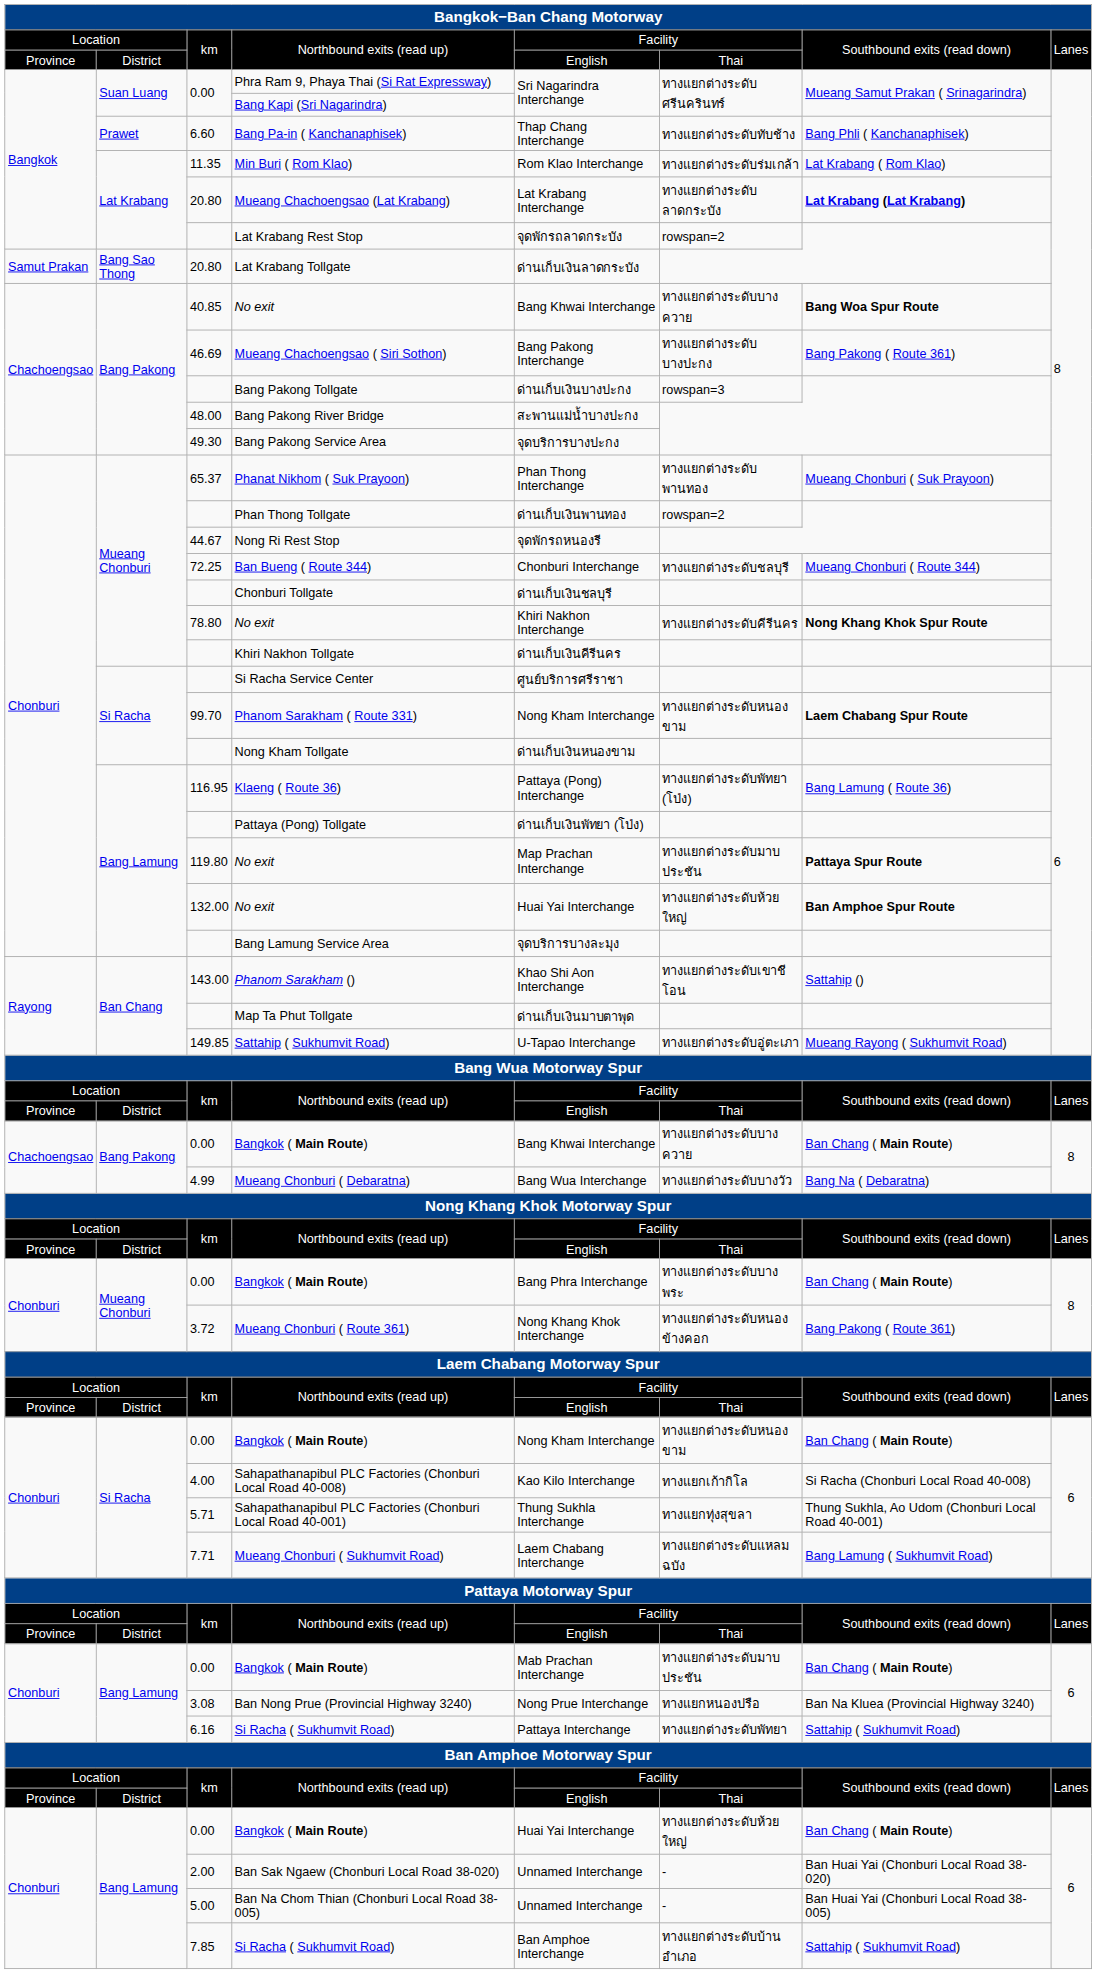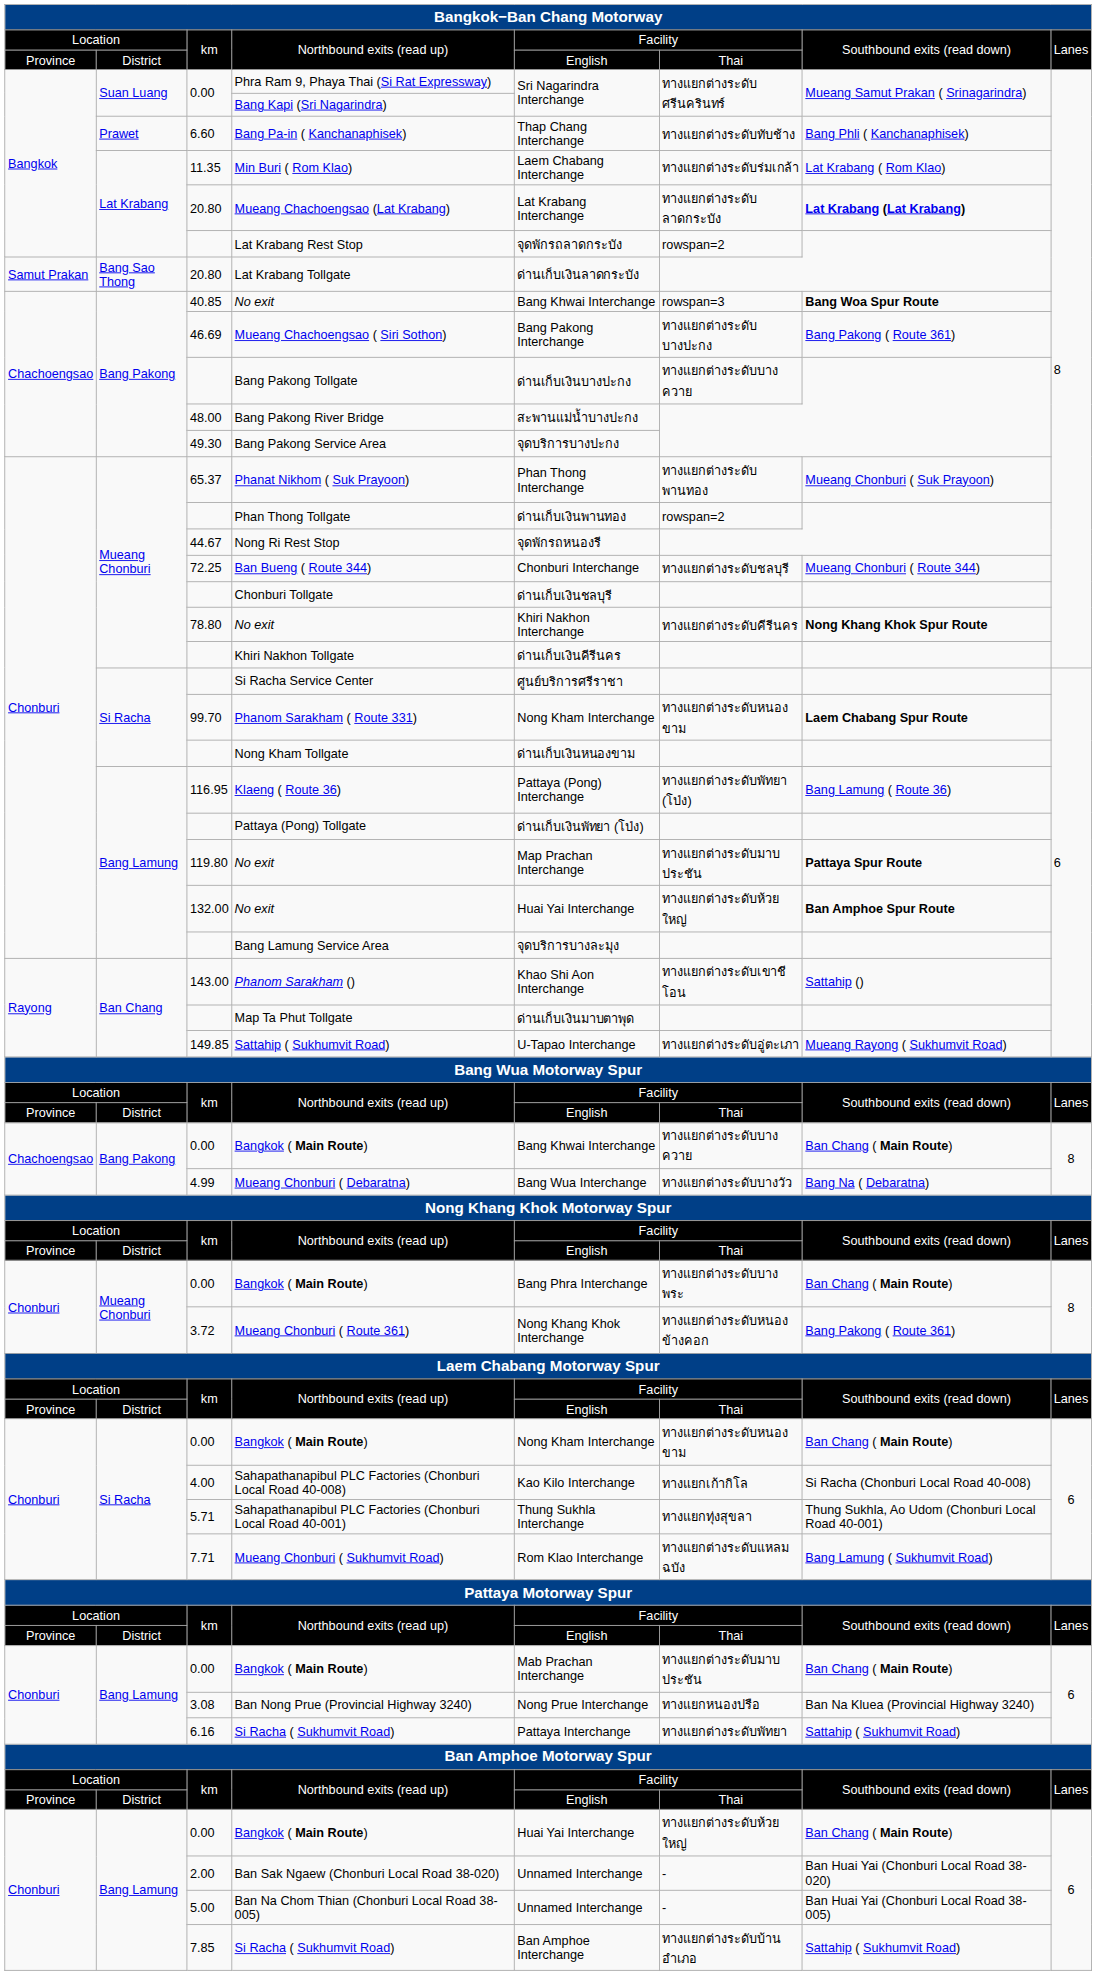 <table style="margin-left:1em; margin-bottom:1em; color:black; font-size:90%;" class="wikitable">
 <tr style="background:#003f87; text-align:center; color:white; font-size:120%;">
 <td colspan="8"><strong> Bangkok−Ban Chang Motorway</strong></td>
 </tr>
 <tr align="center" bgcolor="000000" style="color: white">
 <td colspan=2>Location</td>
 <td rowspan="2">km</td>
 <td rowspan="2">Northbound exits (read up)</td>
 <td colspan=2>Facility</td>
 <td rowspan=2>Southbound exits (read down)</td>
 <td rowspan=2>Lanes</td>
 </tr>
 <tr align="center" bgcolor="000000" style="color: white">
 <td>Province</td>
 <td>District</td>
 <td>English</td>
 <td>Thai</td>
 </tr>
 <tr>
 <td rowspan="6"><a href='#'>Bangkok</a></td>
 <td rowspan="2"><a href='#'>Suan Luang</a></td>
 <td rowspan="2">0.00</td>
 <td>Phra Ram 9, Phaya Thai (<a href='#'>Si Rat Expressway</a>)</td>
 <td rowspan="2">Sri Nagarindra Interchange</td>
 <td rowspan="2">ทางแยกต่างระดับศรีนครินทร์</td>
 <td rowspan="2"><a href='#'>Mueang Samut Prakan</a> ( <a href='#'>Srinagarindra</a>)</td>
 <td rowspan="19">8</td>
 </tr>
 <tr>
 <td><a href='#'>Bang Kapi</a> (<a href='#'>Sri Nagarindra</a>)</td>
 </tr>
 <tr>
 <td><a href='#'>Prawet</a></td>
 <td>6.60</td>
 <td><a href='#'>Bang Pa-in</a> ( <a href='#'>Kanchanaphisek</a>)</td>
 <td>Thap Chang Interchange</td>
 <td>ทางแยกต่างระดับทับช้าง</td>
 <td><a href='#'>Bang Phli</a> ( <a href='#'>Kanchanaphisek</a>)</td>
 </tr>
 <tr>
 <td rowspan=3><a href='#'>Lat Krabang</a></td>
 <td>11.35</td>
 <td><a href='#'>Min Buri</a> ( <a href='#'>Rom Klao</a>)</td>
-<td>Rom Klao Interchange</td>
+<td>Laem Chabang Interchange</td>
 <td>ทางแยกต่างระดับร่มเกล้า</td>
 <td><a href='#'>Lat Krabang</a> ( <a href='#'>Rom Klao</a>)</td>
 </tr>
 <tr>
 <td>20.80</td>
 <td><a href='#'>Mueang Chachoengsao</a> (<a href='#'>Lat Krabang</a>)</td>
 <td>Lat Krabang Interchange</td>
 <td>ทางแยกต่างระดับลาดกระบัง</td>
 <td><strong><a href='#'>Lat Krabang</a> (<a href='#'>Lat Krabang</a>)</strong></td>
 </tr>
 <tr>
 <td 21.70></td>
 <td>Lat Krabang Rest Stop</td>
 <td>จุดพักรถลาดกระบัง</td>
 <td>rowspan=2 </td>
 </tr>
 <tr>
 <td><a href='#'>Samut Prakan</a></td>
 <td><a href='#'>Bang Sao Thong</a></td>
 <td>20.80</td>
 <td>Lat Krabang Tollgate</td>
 <td>ด่านเก็บเงินลาดกระบัง</td>
 </tr>
 <tr>
 <td rowspan=5><a href='#'>Chachoengsao</a></td>
 <td rowspan=5><a href='#'>Bang Pakong</a></td>
 <td>40.85</td>
 <td><em>No exit</em></td>
 <td>Bang Khwai Interchange</td>
-<td>ทางแยกต่างระดับบางควาย</td>
+<td>rowspan=3 </td>
 <td> <strong>Bang Woa Spur Route</strong></td>
 </tr>
 <tr>
 <td>46.69</td>
 <td><a href='#'>Mueang Chachoengsao</a> ( <a href='#'>Siri Sothon</a>)</td>
 <td>Bang Pakong Interchange</td>
 <td>ทางแยกต่างระดับบางปะกง</td>
 <td><a href='#'>Bang Pakong</a> ( <a href='#'>Route 361</a>)</td>
 </tr>
 <tr>
 <td 46.69></td>
 <td>Bang Pakong Tollgate</td>
 <td>ด่านเก็บเงินบางปะกง</td>
-<td>rowspan=3 </td>
+<td>ทางแยกต่างระดับบางควาย</td>
 </tr>
 <tr>
 <td>48.00</td>
 <td>Bang Pakong River Bridge</td>
 <td>สะพานแม่น้ำบางปะกง</td>
 </tr>
 <tr>
 <td>49.30</td>
 <td>Bang Pakong Service Area</td>
 <td>จุดบริการบางปะกง</td>
 </tr>
 <tr>
 <td rowspan=15><a href='#'>Chonburi</a></td>
 <td rowspan=7><a href='#'>Mueang Chonburi</a></td>
 <td>65.37</td>
 <td><a href='#'>Phanat Nikhom</a> ( <a href='#'>Suk Prayoon</a>)</td>
 <td>Phan Thong Interchange</td>
 <td>ทางแยกต่างระดับพานทอง</td>
 <td><a href='#'>Mueang Chonburi</a> ( <a href='#'>Suk Prayoon</a>)</td>
 </tr>
 <tr>
 <td 65.37></td>
 <td>Phan Thong Tollgate</td>
 <td>ด่านเก็บเงินพานทอง</td>
 <td>rowspan=2 </td>
 </tr>
 <tr>
 <td>44.67</td>
 <td>Nong Ri Rest Stop</td>
 <td>จุดพักรถหนองรี</td>
 </tr>
 <tr>
 <td>72.25</td>
 <td><a href='#'>Ban Bueng</a> ( <a href='#'>Route 344</a>)</td>
 <td>Chonburi Interchange</td>
 <td>ทางแยกต่างระดับชลบุรี</td>
 <td><a href='#'>Mueang Chonburi</a> ( <a href='#'>Route 344</a>)</td>
 </tr>
 <tr>
 <td 72.55></td>
 <td>Chonburi Tollgate</td>
 <td>ด่านเก็บเงินชลบุรี</td>
 <td></td>
 </tr>
 <tr>
 <td>78.80</td>
 <td><em>No exit</em></td>
 <td>Khiri Nakhon Interchange</td>
 <td>ทางแยกต่างระดับคีรีนคร</td>
 <td> <strong>Nong Khang Khok Spur Route</strong></td>
 </tr>
 <tr>
 <td 78.80></td>
 <td>Khiri Nakhon Tollgate</td>
 <td>ด่านเก็บเงินคีรีนคร</td>
 <td></td>
 </tr>
 <tr>
 <td rowspan=3><a href='#'>Si Racha</a></td>
 <td 95.75></td>
 <td>Si Racha Service Center</td>
 <td>ศูนย์บริการศรีราชา</td>
 <td></td>
 <td style="text-align:center;"></td>
 <td rowspan="11">6</td>
 </tr>
 <tr>
 <td>99.70</td>
 <td><a href='#'>Phanom Sarakham</a> ( <a href='#'>Route 331</a>)</td>
 <td>Nong Kham Interchange</td>
 <td>ทางแยกต่างระดับหนองขาม</td>
 <td> <strong>Laem Chabang Spur Route</strong></td>
 </tr>
 <tr>
 <td 99.70></td>
 <td>Nong Kham Tollgate</td>
 <td>ด่านเก็บเงินหนองขาม</td>
 <td></td>
 <td></td>
 </tr>
 <tr>
 <td rowspan=5><a href='#'>Bang Lamung</a></td>
 <td>116.95</td>
 <td><a href='#'>Klaeng</a> ( <a href='#'>Route 36</a>)</td>
 <td>Pattaya (Pong) Interchange</td>
 <td>ทางแยกต่างระดับพัทยา (โป่ง)</td>
 <td><a href='#'>Bang Lamung</a> ( <a href='#'>Route 36</a>)</td>
 </tr>
 <tr>
 <td 116.95></td>
 <td>Pattaya (Pong) Tollgate</td>
 <td>ด่านเก็บเงินพัทยา (โป่ง)</td>
 <td></td>
 <td></td>
 </tr>
 <tr>
 <td>119.80</td>
 <td><em>No exit</em></td>
 <td>Map Prachan Interchange</td>
 <td>ทางแยกต่างระดับมาบประชัน</td>
 <td> <strong>Pattaya Spur Route</strong></td>
 </tr>
 <tr>
 <td>132.00</td>
 <td><em>No exit</em></td>
 <td>Huai Yai Interchange</td>
 <td>ทางแยกต่างระดับห้วยใหญ่</td>
 <td> <strong>Ban Amphoe Spur Route</strong></td>
 </tr>
 <tr>
 <td 137.80></td>
 <td>Bang Lamung Service Area</td>
 <td>จุดบริการบางละมุง</td>
 <td></td>
 <td></td>
 </tr>
 <tr>
 <td rowspan=3><a href='#'>Rayong</a></td>
 <td rowspan=3><a href='#'>Ban Chang</a></td>
 <td>143.00</td>
 <td><a href='#'><em>Phanom Sarakham</em></a> ()</td>
 <td>Khao Shi Aon Interchange</td>
 <td>ทางแยกต่างระดับเขาชีโอน</td>
 <td><a href='#'>Sattahip</a> ()</td>
 </tr>
 <tr>
 <td 149.85></td>
 <td>Map Ta Phut Tollgate</td>
 <td>ด่านเก็บเงินมาบตาพุด</td>
 <td></td>
 <td></td>
 </tr>
 <tr>
 <td>149.85</td>
 <td><a href='#'>Sattahip</a> ( <a href='#'>Sukhumvit Road</a>)</td>
 <td>U-Tapao Interchange</td>
 <td>ทางแยกต่างระดับอู่ตะเภา</td>
 <td><a href='#'>Mueang Rayong</a> ( <a href='#'>Sukhumvit Road</a>)</td>
 </tr>
 <tr style="background:#003f87; text-align:center; color:white; font-size:120%;">
 <td colspan="8"><strong> Bang Wua Motorway Spur</strong></td>
 </tr>
 <tr align="center" bgcolor="000000" style="color: white">
 <td colspan=2>Location</td>
 <td rowspan="2">km</td>
 <td rowspan="2">Northbound exits (read up)</td>
 <td colspan=2>Facility</td>
 <td rowspan=2>Southbound exits (read down)</td>
 <td rowspan=2>Lanes</td>
 </tr>
 <tr align="center" bgcolor="000000" style="color: white">
 <td>Province</td>
 <td>District</td>
 <td>English</td>
 <td>Thai</td>
 </tr>
 <tr>
 <td rowspan="2"><a href='#'>Chachoengsao</a></td>
 <td rowspan="2"><a href='#'>Bang Pakong</a></td>
 <td>0.00</td>
 <td><a href='#'>Bangkok</a> ( <strong>Main Route</strong>)</td>
 <td>Bang Khwai Interchange</td>
 <td>ทางแยกต่างระดับบางควาย</td>
 <td><a href='#'>Ban Chang</a> ( <strong>Main Route</strong>)</td>
 <td rowspan="2" style="text-align:center;">8</td>
 </tr>
 <tr>
 <td>4.99</td>
 <td><a href='#'>Mueang Chonburi</a> ( <a href='#'>Debaratna</a>)</td>
 <td>Bang Wua Interchange</td>
 <td>ทางแยกต่างระดับบางวัว</td>
 <td><a href='#'>Bang Na</a> ( <a href='#'>Debaratna</a>)</td>
 </tr>
 <tr style="background:#003f87; text-align:center; color:white; font-size:120%;">
 <td colspan="8"><strong> Nong Khang Khok Motorway Spur</strong></td>
 </tr>
 <tr align="center" bgcolor="000000" style="color: white">
 <td colspan="2">Location</td>
 <td rowspan="2">km</td>
 <td rowspan="2">Northbound exits (read up)</td>
 <td colspan="2">Facility</td>
 <td rowspan="2">Southbound exits (read down)</td>
 <td rowspan="2">Lanes</td>
 </tr>
 <tr align="center" bgcolor="000000" style="color: white">
 <td>Province</td>
 <td>District</td>
 <td>English</td>
 <td>Thai</td>
 </tr>
 <tr>
 <td rowspan="2"><a href='#'>Chonburi</a></td>
 <td rowspan="2"><a href='#'>Mueang Chonburi</a></td>
 <td>0.00</td>
 <td><a href='#'>Bangkok</a> ( <strong>Main Route</strong>)</td>
 <td>Bang Phra Interchange</td>
 <td>ทางแยกต่างระดับบางพระ</td>
 <td><a href='#'>Ban Chang</a> ( <strong>Main Route</strong>)</td>
 <td rowspan="2" style="text-align:center;">8</td>
 </tr>
 <tr>
 <td>3.72</td>
 <td><a href='#'>Mueang Chonburi</a> ( <a href='#'>Route 361</a>)</td>
 <td>Nong Khang Khok Interchange</td>
 <td>ทางแยกต่างระดับหนองข้างคอก</td>
 <td><a href='#'>Bang Pakong</a> ( <a href='#'>Route 361</a>)</td>
 </tr>
 <tr style="background:#003f87; text-align:center; color:white; font-size:120%;">
 <td colspan="8"><strong> Laem Chabang Motorway Spur</strong></td>
 </tr>
 <tr align="center" bgcolor="000000" style="color: white">
 <td colspan="2">Location</td>
 <td rowspan="2">km</td>
 <td rowspan="2">Northbound exits (read up)</td>
 <td colspan="2">Facility</td>
 <td rowspan="2">Southbound exits (read down)</td>
 <td rowspan="2">Lanes</td>
 </tr>
 <tr align="center" bgcolor="000000" style="color: white">
 <td>Province</td>
 <td>District</td>
 <td>English</td>
 <td>Thai</td>
 </tr>
 <tr>
 <td rowspan="4"><a href='#'>Chonburi</a></td>
 <td rowspan="4"><a href='#'>Si Racha</a></td>
 <td>0.00</td>
 <td><a href='#'>Bangkok</a> ( <strong>Main Route</strong>)</td>
 <td>Nong Kham Interchange</td>
 <td>ทางแยกต่างระดับหนองขาม</td>
 <td><a href='#'>Ban Chang</a> ( <strong>Main Route</strong>)</td>
 <td rowspan="4" style="text-align:center;">6</td>
 </tr>
 <tr>
 <td>4.00</td>
 <td>Sahapathanapibul PLC Factories (Chonburi Local Road 40-008)</td>
 <td>Kao Kilo Interchange</td>
 <td>ทางแยกเก้ากิโล</td>
 <td>Si Racha (Chonburi Local Road 40-008)</td>
 </tr>
 <tr>
 <td>5.71</td>
 <td>Sahapathanapibul PLC Factories (Chonburi Local Road 40-001)</td>
 <td>Thung Sukhla Interchange</td>
 <td>ทางแยกทุ่งสุขลา</td>
 <td>Thung Sukhla, Ao Udom (Chonburi Local Road 40-001)</td>
 </tr>
 <tr>
 <td>7.71</td>
 <td><a href='#'>Mueang Chonburi</a> ( <a href='#'>Sukhumvit Road</a>)</td>
-<td>Laem Chabang Interchange</td>
+<td>Rom Klao Interchange</td>
 <td>ทางแยกต่างระดับแหลมฉบัง</td>
 <td><a href='#'>Bang Lamung</a> ( <a href='#'>Sukhumvit Road</a>)</td>
 </tr>
 <tr style="background:#003f87; text-align:center; color:white; font-size:120%;">
 <td colspan="8"><strong> Pattaya Motorway Spur</strong></td>
 </tr>
 <tr align="center" bgcolor="000000" style="color: white">
 <td colspan="2">Location</td>
 <td rowspan="2">km</td>
 <td rowspan="2">Northbound exits (read up)</td>
 <td colspan="2">Facility</td>
 <td rowspan="2">Southbound exits (read down)</td>
 <td rowspan="2">Lanes</td>
 </tr>
 <tr align="center" bgcolor="000000" style="color: white">
 <td>Province</td>
 <td>District</td>
 <td>English</td>
 <td>Thai</td>
 </tr>
 <tr>
 <td rowspan=3><a href='#'>Chonburi</a></td>
 <td rowspan=3><a href='#'>Bang Lamung</a></td>
 <td>0.00</td>
 <td><a href='#'>Bangkok</a> ( <strong>Main Route</strong>)</td>
 <td>Mab Prachan Interchange</td>
 <td>ทางแยกต่างระดับมาบประชัน</td>
 <td><a href='#'>Ban Chang</a> ( <strong>Main Route</strong>)</td>
 <td rowspan=3 style="text-align:center;">6</td>
 </tr>
 <tr>
 <td>3.08</td>
 <td>Ban Nong Prue (Provincial Highway 3240)</td>
 <td>Nong Prue Interchange</td>
 <td>ทางแยกหนองปรือ</td>
 <td>Ban Na Kluea (Provincial Highway 3240)</td>
 </tr>
 <tr>
 <td>6.16</td>
 <td><a href='#'>Si Racha</a> ( <a href='#'>Sukhumvit Road</a>)</td>
 <td>Pattaya Interchange</td>
 <td>ทางแยกต่างระดับพัทยา</td>
 <td><a href='#'>Sattahip</a> ( <a href='#'>Sukhumvit Road</a>)</td>
 </tr>
 <tr style="background:#003f87; text-align:center; color:white; font-size:120%;">
 <td colspan="8"><strong> Ban Amphoe Motorway Spur</strong></td>
 </tr>
 <tr align="center" bgcolor="000000" style="color: white">
 <td colspan=2>Location</td>
 <td rowspan="2">km</td>
 <td rowspan="2">Northbound exits (read up)</td>
 <td colspan=2>Facility</td>
 <td rowspan=2>Southbound exits (read down)</td>
 <td rowspan=2>Lanes</td>
 </tr>
 <tr align="center" bgcolor="000000" style="color: white">
 <td>Province</td>
 <td>District</td>
 <td>English</td>
 <td>Thai</td>
 </tr>
 <tr>
 <td rowspan="4"><a href='#'>Chonburi</a></td>
 <td rowspan="4"><a href='#'>Bang Lamung</a></td>
 <td>0.00</td>
 <td><a href='#'>Bangkok</a> ( <strong>Main Route</strong>)</td>
 <td>Huai Yai Interchange</td>
 <td>ทางแยกต่างระดับห้วยใหญ่</td>
 <td><a href='#'>Ban Chang</a> ( <strong>Main Route</strong>)</td>
 <td rowspan="4" style="text-align:center;">6</td>
 </tr>
 <tr>
 <td>2.00</td>
 <td>Ban Sak Ngaew (Chonburi Local Road 38-020)</td>
 <td>Unnamed Interchange</td>
 <td>-</td>
 <td>Ban Huai Yai (Chonburi Local Road 38-020)</td>
 </tr>
 <tr>
 <td>5.00</td>
 <td>Ban Na Chom Thian (Chonburi Local Road 38-005)</td>
 <td>Unnamed Interchange</td>
 <td>-</td>
 <td>Ban Huai Yai (Chonburi Local Road 38-005)</td>
 </tr>
 <tr>
 <td>7.85</td>
 <td><a href='#'>Si Racha</a> ( <a href='#'>Sukhumvit Road</a>)</td>
 <td>Ban Amphoe Interchange</td>
 <td>ทางแยกต่างระดับบ้านอำเภอ</td>
 <td><a href='#'>Sattahip</a> ( <a href='#'>Sukhumvit Road</a>)</td>
 </tr>
 </table>
